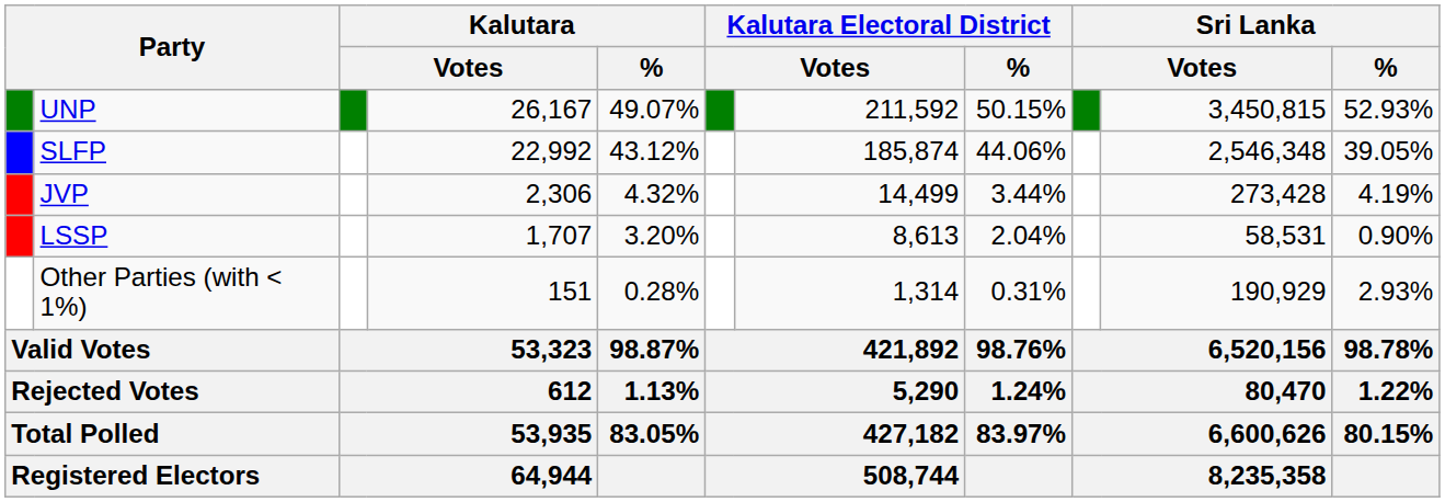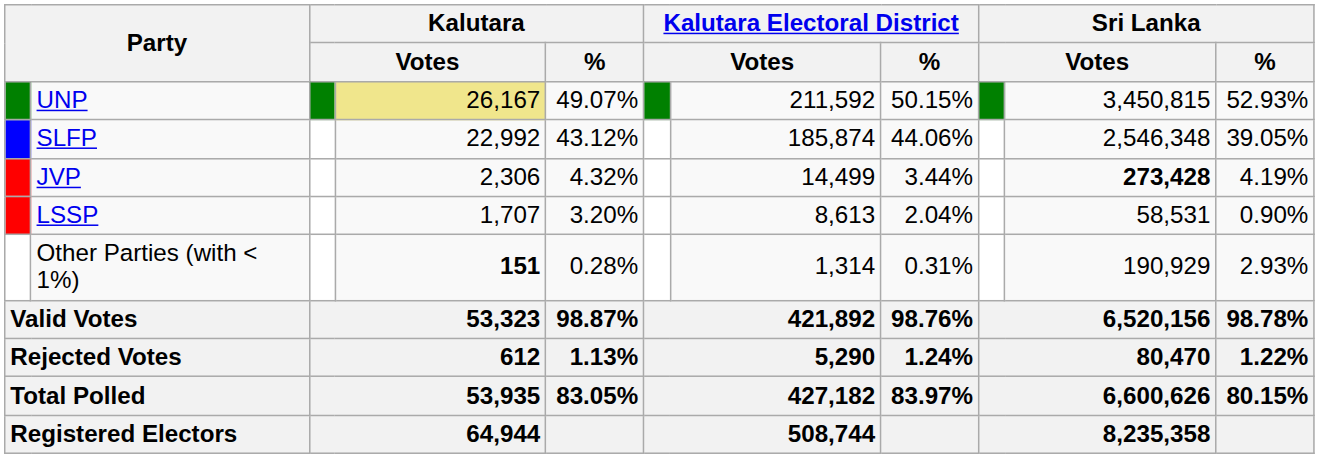 <table class="wikitable">
 <tr>
 <th colspan="2" width="144px"rowspan="2">Party</th>
 <th colspan="3" width="216px">Kalutara</th>
 <th colspan="3" width="216px"><a href='#'>Kalutara Electoral District</a></th>
 <th colspan="3" width="216px">Sri Lanka</th>
 </tr>
 <tr>
 <th colspan="2" width="144px">Votes</th>
 <th>%</th>
 <th colspan="2" width="144px">Votes</th>
 <th>%</th>
 <th colspan="2" width="144px">Votes</th>
 <th>%</th>
 </tr>
 <tr>
 <td style="background-color:green;" width="10px"></td>
 <td style="text-align:left;"><a href='#'>UNP</a></td>
 <td style="background-color:green;" width="10px"></td>
-<td style="text-align:right;">26,167</td>
+<td style="background: khaki; text-align:right;">26,167</td>
 <td style="text-align:right;">49.07%</td>
 <td style="background-color:green;" width="10px"></td>
 <td style="text-align:right;">211,592</td>
 <td style="text-align:right;">50.15%</td>
 <td style="background-color:green;" width="10px"></td>
 <td style="text-align:right;">3,450,815</td>
 <td style="text-align:right;">52.93%</td>
 </tr>
 <tr>
 <td style="background-color:blue;" width="10px"></td>
 <td style="text-align:left;"><a href='#'>SLFP</a></td>
 <td style="background-color:white;" width="10px"></td>
 <td style="text-align:right;">22,992</td>
 <td style="text-align:right;">43.12%</td>
 <td style="background-color:white;" width="10px"></td>
 <td style="text-align:right;">185,874</td>
 <td style="text-align:right;">44.06%</td>
 <td style="background-color:white;" width="10px"></td>
 <td style="text-align:right;">2,546,348</td>
 <td style="text-align:right;">39.05%</td>
 </tr>
 <tr>
 <td style="background-color:red;" width="10px"></td>
 <td style="text-align:left;"><a href='#'>JVP</a></td>
 <td style="background-color:white;" width="10px"></td>
 <td style="text-align:right;">2,306</td>
 <td style="text-align:right;">4.32%</td>
 <td style="background-color:white;" width="10px"></td>
 <td style="text-align:right;">14,499</td>
 <td style="text-align:right;">3.44%</td>
 <td style="background-color:white;" width="10px"></td>
-<td style="text-align:right;">273,428</td>
+<td style="text-align:right;"><strong>273,428</strong></td>
 <td style="text-align:right;">4.19%</td>
 </tr>
 <tr>
 <td style="background-color:red;" width="10px"></td>
 <td style="text-align:left;"><a href='#'>LSSP</a></td>
 <td style="background-color:white;" width="10px"></td>
 <td style="text-align:right;">1,707</td>
 <td style="text-align:right;">3.20%</td>
 <td style="background-color:white;" width="10px"></td>
 <td style="text-align:right;">8,613</td>
 <td style="text-align:right;">2.04%</td>
 <td style="background-color:white;" width="10px"></td>
 <td style="text-align:right;">58,531</td>
 <td style="text-align:right;">0.90%</td>
 </tr>
 <tr>
 <td style="background-color:white;" width="10px"></td>
 <td style="text-align:left;">Other Parties (with < 1%)</td>
 <td style="background-color:white;" width="10px"></td>
-<td style="text-align:right;">151</td>
+<td style="text-align:right;"><strong>151</strong></td>
 <td style="text-align:right;">0.28%</td>
 <td style="background-color:white;" width="10px"></td>
 <td style="text-align:right;">1,314</td>
 <td style="text-align:right;">0.31%</td>
 <td style="background-color:white;" width="10px"></td>
 <td style="text-align:right;">190,929</td>
 <td style="text-align:right;">2.93%</td>
 </tr>
 <tr>
 <th colspan="2" width="144px"style="text-align:left;">Valid Votes</th>
 <th style="text-align:right;"colspan="2" width="144px">53,323</th>
 <th style="text-align:right;">98.87%</th>
 <th style="text-align:right;"colspan="2" width="144px">421,892</th>
 <th style="text-align:right;">98.76%</th>
 <th style="text-align:right;"colspan="2" width="144px">6,520,156</th>
 <th style="text-align:right;">98.78%</th>
 </tr>
 <tr>
 <th colspan="2" width="144px"style="text-align:left;">Rejected Votes</th>
 <th style="text-align:right;"colspan="2" width="144px">612</th>
 <th style="text-align:right;">1.13%</th>
 <th style="text-align:right;"colspan="2" width="144px">5,290</th>
 <th style="text-align:right;">1.24%</th>
 <th style="text-align:right;"colspan="2" width="144px">80,470</th>
 <th style="text-align:right;">1.22%</th>
 </tr>
 <tr>
 <th colspan="2" width="144px"style="text-align:left;">Total Polled</th>
 <th style="text-align:right;"colspan="2" width="144px">53,935</th>
 <th style="text-align:right;">83.05%</th>
 <th style="text-align:right;"colspan="2" width="144px">427,182</th>
 <th style="text-align:right;">83.97%</th>
 <th style="text-align:right;"colspan="2" width="144px">6,600,626</th>
 <th style="text-align:right;">80.15%</th>
 </tr>
 <tr>
 <th colspan="2" width="144px"style="text-align:left;">Registered Electors</th>
 <th style="text-align:right;"colspan="2" width="144px">64,944</th>
 <th></th>
 <th style="text-align:right;"colspan="2" width="144px">508,744</th>
 <th></th>
 <th style="text-align:right;"colspan="2" width="144px">8,235,358</th>
 <th></th>
 </tr>
 </table>
